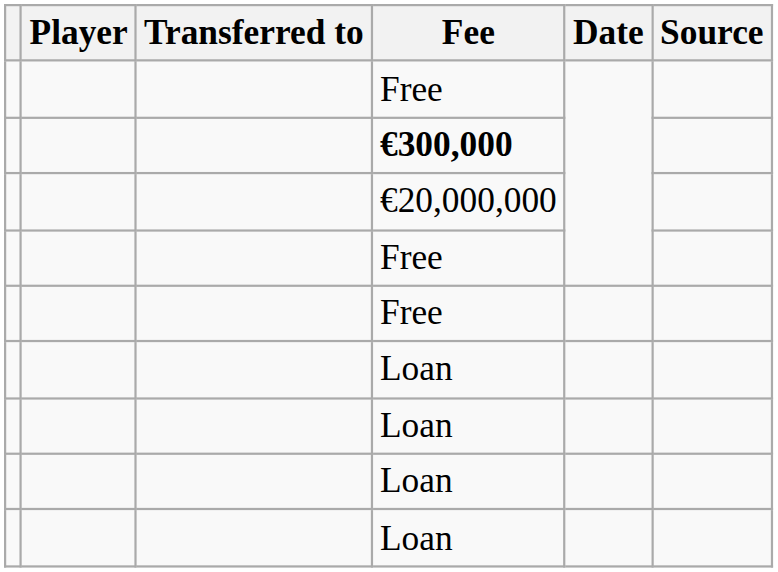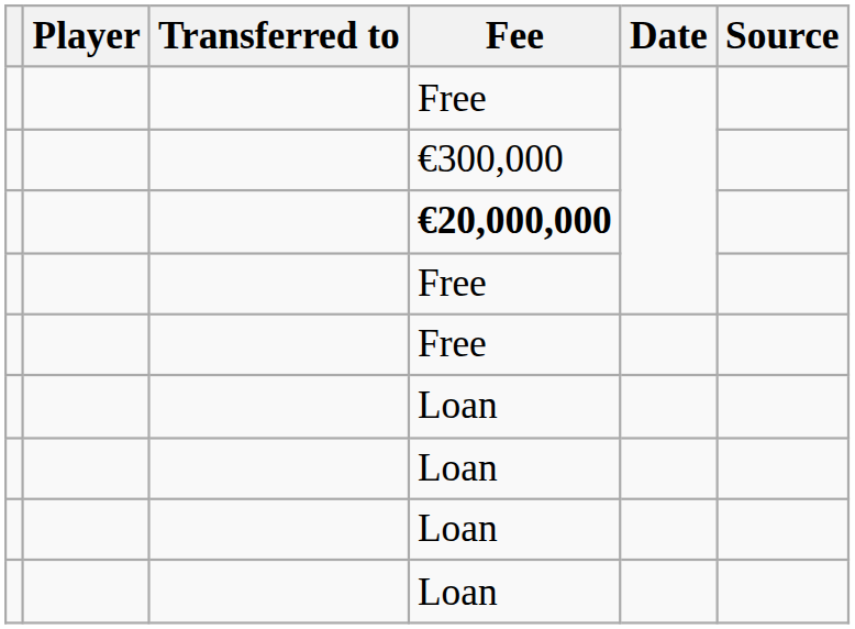 <table class="wikitable plainrowheaders sortable">
 <tr>
 <th scope=col></th>
 <th scope=col>Player</th>
 <th scope=col>Transferred to</th>
 <th scope=col; style="width: 65px;">Fee</th>
 <th scope=col>Date</th>
 <th scope=col>Source</th>
 </tr>
 <tr>
 <td align=center></td>
 <td></td>
 <td></td>
 <td>Free</td>
 <td rowspan=4></td>
 <td></td>
 </tr>
 <tr>
 <td align=center></td>
 <td></td>
 <td></td>
-<td><strong>€300,000</strong></td>
+<td>€300,000</td>
 <td></td>
 </tr>
 <tr>
 <td align=center></td>
 <td></td>
 <td></td>
-<td>€20,000,000</td>
+<td><strong>€20,000,000</strong></td>
 <td></td>
 </tr>
 <tr>
 <td align=center></td>
 <td></td>
 <td></td>
 <td>Free</td>
 <td></td>
 </tr>
 <tr>
 <td align=center></td>
 <td></td>
 <td></td>
 <td>Free</td>
 <td></td>
 <td></td>
 </tr>
 <tr>
 <td align=center></td>
 <td></td>
 <td></td>
 <td>Loan</td>
 <td></td>
 <td></td>
 </tr>
 <tr>
 <td align=center></td>
 <td></td>
 <td></td>
 <td>Loan</td>
 <td></td>
 <td></td>
 </tr>
 <tr>
 <td align=center></td>
 <td></td>
 <td></td>
 <td>Loan</td>
 <td></td>
 <td></td>
 </tr>
 <tr>
 <td align=center></td>
 <td></td>
 <td></td>
 <td>Loan</td>
 <td></td>
 <td></td>
 </tr>
 </table>
